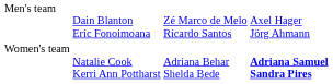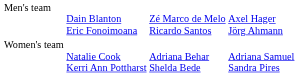 <table>
 <tr valign="top">
 <td>Men's team<br></td>
 <td><br><a href='#'>Dain Blanton</a><br><a href='#'>Eric Fonoimoana</a></td>
 <td><br><a href='#'>Zé Marco de Melo</a><br><a href='#'>Ricardo Santos</a></td>
 <td><br><a href='#'>Axel Hager</a><br><a href='#'>Jörg Ahmann</a></td>
 </tr>
 <tr valign="top">
 <td>Women's team<br></td>
 <td><br><a href='#'>Natalie Cook</a><br><a href='#'>Kerri Ann Pottharst</a></td>
 <td><br><a href='#'>Adriana Behar</a><br><a href='#'>Shelda Bede</a></td>
-<td><strong><br><a href='#'>Adriana Samuel</a><br><a href='#'>Sandra Pires</a></strong></td>
+<td><br><a href='#'>Adriana Samuel</a><br><a href='#'>Sandra Pires</a></td>
 </tr>
 </table>
